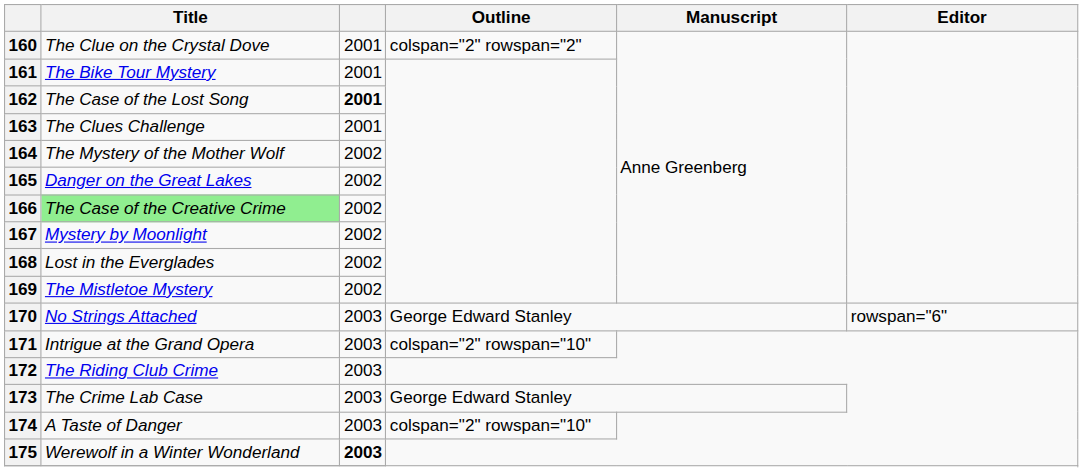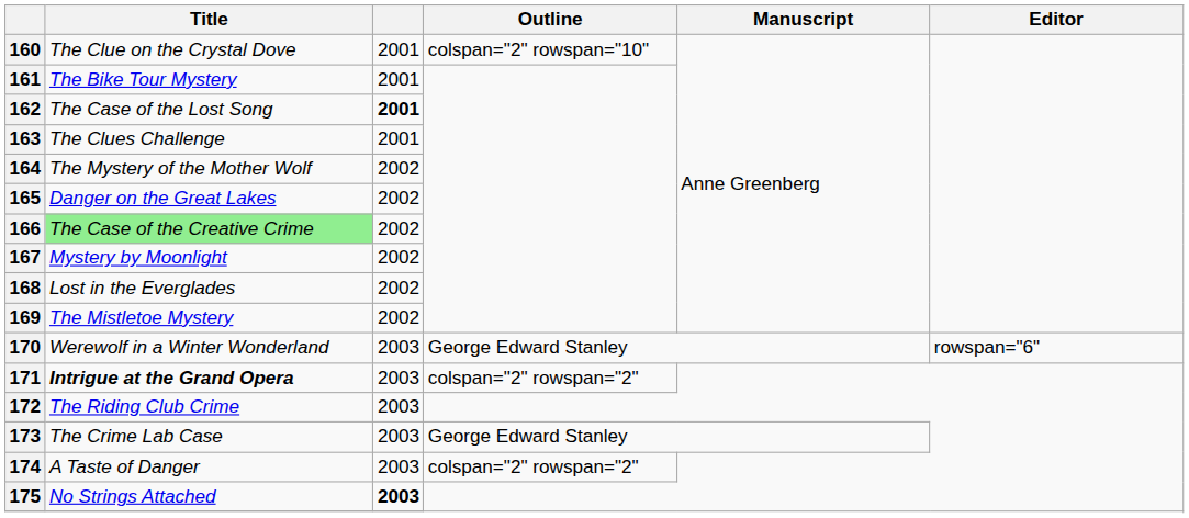 <table class="wikitable">
 <tr>
 <th></th>
 <th scope="col" style="width:17em;">Title</th>
 <th></th>
 <th scope="col" style="width:13em;">Outline</th>
 <th scope="col" style="width:13em;">Manuscript</th>
 <th scope="col" style="width:13em;">Editor</th>
 </tr>
 <tr>
 <th>160</th>
 <td><em>The Clue on the Crystal Dove</em></td>
 <td>2001</td>
-<td>colspan="2" rowspan="2" </td>
+<td>colspan="2" rowspan="10" </td>
 <td rowspan="10">Anne Greenberg</td>
 </tr>
 <tr>
 <th>161</th>
 <td><em><a href='#'>The Bike Tour Mystery</a></em></td>
 <td>2001</td>
 </tr>
 <tr>
 <th>162</th>
 <td><em>The Case of the Lost Song</em></td>
 <td><strong>2001</strong></td>
 </tr>
 <tr>
 <th>163</th>
 <td><em>The Clues Challenge</em></td>
 <td>2001</td>
 </tr>
 <tr>
 <th>164</th>
 <td><em>The Mystery of the Mother Wolf</em></td>
 <td>2002</td>
 </tr>
 <tr>
 <th>165</th>
 <td><em><a href='#'>Danger on the Great Lakes</a></em></td>
 <td>2002</td>
 </tr>
 <tr>
 <th>166</th>
 <td style="background: lightgreen;"><em>The Case of the Creative Crime</em></td>
 <td>2002</td>
 </tr>
 <tr>
 <th>167</th>
 <td><em><a href='#'>Mystery by Moonlight</a></em></td>
 <td>2002</td>
 </tr>
 <tr>
 <th>168</th>
 <td><em>Lost in the Everglades</em></td>
 <td>2002</td>
 </tr>
 <tr>
 <th>169</th>
 <td><em><a href='#'>The Mistletoe Mystery</a></em></td>
 <td>2002</td>
 </tr>
 <tr>
 <th>170</th>
-<td><em><a href='#'>No Strings Attached</a></em></td>
+<td><em>Werewolf in a Winter Wonderland</em></td>
 <td>2003</td>
 <td colspan="2">George Edward Stanley</td>
 <td>rowspan="6" </td>
 </tr>
 <tr>
 <th>171</th>
-<td><em>Intrigue at the Grand Opera</em></td>
+<td><strong><em>Intrigue at the Grand Opera</em></strong></td>
 <td>2003</td>
-<td>colspan="2" rowspan="10" </td>
+<td>colspan="2" rowspan="2" </td>
 </tr>
 <tr>
 <th>172</th>
 <td><em><a href='#'>The Riding Club Crime</a></em></td>
 <td>2003</td>
 </tr>
 <tr>
 <th>173</th>
 <td><em>The Crime Lab Case</em></td>
 <td>2003</td>
 <td colspan="2">George Edward Stanley</td>
 </tr>
 <tr>
 <th>174</th>
 <td><em>A Taste of Danger</em></td>
 <td>2003</td>
-<td>colspan="2" rowspan="10" </td>
+<td>colspan="2" rowspan="2" </td>
 </tr>
 <tr>
 <th>175</th>
-<td><em>Werewolf in a Winter Wonderland</em></td>
+<td><em><a href='#'>No Strings Attached</a></em></td>
 <td><strong>2003</strong></td>
 </tr>
 <tr>
 </tr>
 </table>
